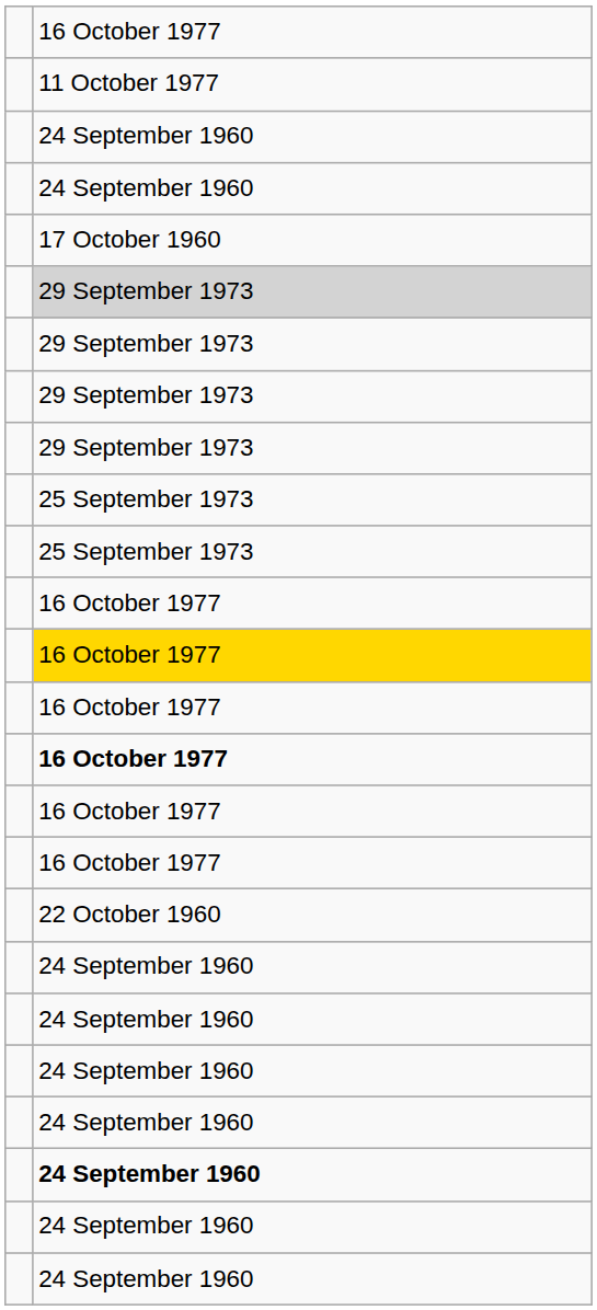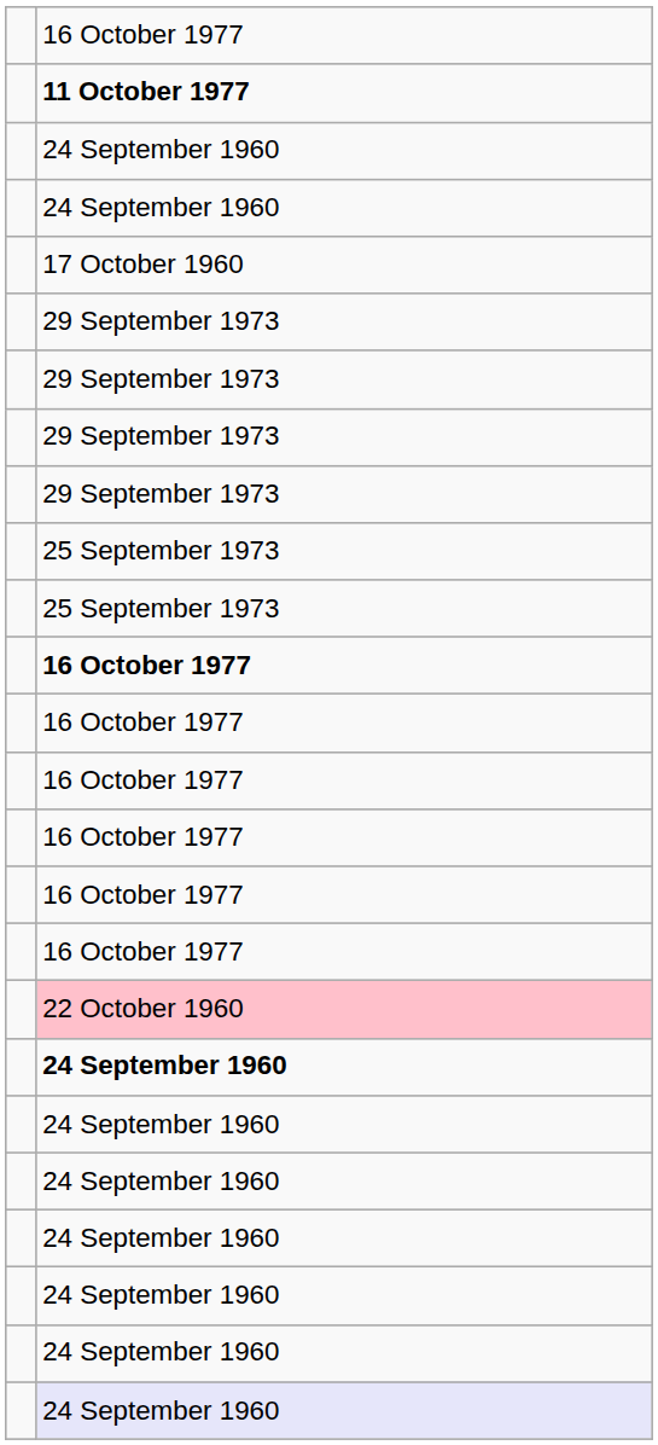 <table class="wikitable" style="font-size: 89%; float: left; width: 24em; margin-right: 1em; line-height: 1.65em">
 <tr>
 <td></td>
 <td>16 October 1977</td>
 </tr>
 <tr>
 <td></td>
-<td>11 October 1977</td>
+<td><strong>11 October 1977</strong></td>
 </tr>
 <tr>
 <td></td>
 <td>24 September 1960</td>
 </tr>
 <tr>
 <td></td>
 <td>24 September 1960</td>
 </tr>
 <tr>
 <td></td>
 <td>17 October 1960</td>
 </tr>
 <tr>
 <td></td>
-<td style="background: lightgrey;">29 September 1973</td>
+<td>29 September 1973</td>
 </tr>
 <tr>
 <td></td>
 <td>29 September 1973</td>
 </tr>
 <tr>
 <td></td>
 <td>29 September 1973</td>
 </tr>
 <tr>
 <td></td>
 <td>29 September 1973</td>
 </tr>
 <tr>
 <td></td>
 <td>25 September 1973</td>
 </tr>
 <tr>
 <td></td>
 <td>25 September 1973</td>
 </tr>
 <tr>
 <td></td>
-<td>16 October 1977</td>
-</tr>
-<tr>
-<td></td>
-<td style="background: gold;">16 October 1977</td>
-</tr>
-<tr>
-<td></td>
-<td>16 October 1977</td>
-</tr>
-<tr>
-<td></td>
 <td><strong>16 October 1977</strong></td>
 </tr>
 <tr>
 <td></td>
 <td>16 October 1977</td>
 </tr>
 <tr>
 <td></td>
 <td>16 October 1977</td>
 </tr>
 <tr>
 <td></td>
-<td>22 October 1960</td>
+<td>16 October 1977</td>
+</tr>
+<tr>
+<td></td>
+<td>16 October 1977</td>
+</tr>
+<tr>
+<td></td>
+<td>16 October 1977</td>
+</tr>
+<tr>
+<td></td>
+<td style="background: pink;">22 October 1960</td>
+</tr>
+<tr>
+<td></td>
+<td><strong>24 September 1960</strong></td>
 </tr>
 <tr>
 <td></td>
 <td>24 September 1960</td>
 </tr>
 <tr>
 <td></td>
 <td>24 September 1960</td>
 </tr>
 <tr>
 <td></td>
 <td>24 September 1960</td>
 </tr>
 <tr>
 <td></td>
 <td>24 September 1960</td>
 </tr>
 <tr>
 <td></td>
-<td><strong>24 September 1960</strong></td>
-</tr>
-<tr>
-<td></td>
 <td>24 September 1960</td>
 </tr>
 <tr>
 <td></td>
-<td>24 September 1960</td>
+<td style="background: lavender;">24 September 1960</td>
 </tr>
 </table>
